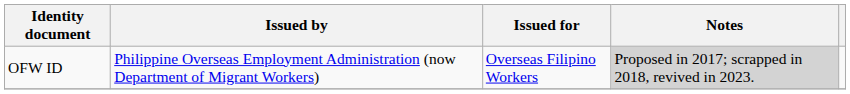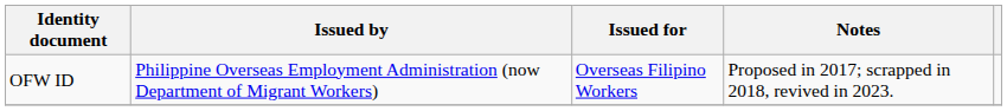 <table class="wikitable sortable">
 <tr>
 <th>Identity document</th>
 <th>Issued by</th>
 <th>Issued for</th>
 <th>Notes</th>
 <th></th>
 </tr>
 <tr>
 <td>OFW ID</td>
 <td><a href='#'>Philippine Overseas Employment Administration</a> (now <a href='#'>Department of Migrant Workers</a>)</td>
 <td><a href='#'>Overseas Filipino Workers</a></td>
-<td style="background: lightgrey;">Proposed in 2017; scrapped in 2018, revived in 2023.</td>
+<td>Proposed in 2017; scrapped in 2018, revived in 2023.</td>
 <td></td>
 </tr>
 <tr>
 </tr>
 </table>
